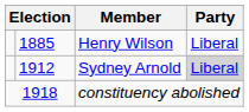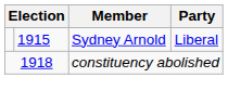 <table class="wikitable">
 <tr>
 <th colspan="2">Election</th>
 <th>Member</th>
 <th>Party</th>
 </tr>
 <tr>
 <td style="color:inherit;background-color: "></td>
-<td><a href='#'>1885</a></td>
-<td><a href='#'>Henry Wilson</a></td>
+<td><a href='#'>1915</a></td>
+<td><a href='#'>Sydney Arnold</a></td>
 <td><a href='#'>Liberal</a></td>
-</tr>
-<tr>
-<td style="color:inherit;background-color: "></td>
-<td><a href='#'>1912</a></td>
-<td><a href='#'>Sydney Arnold</a></td>
-<td style="background: lightgrey;"><a href='#'>Liberal</a></td>
 </tr>
 <tr>
 <td colspan="2" align="center"><a href='#'>1918</a></td>
 <td colspan="2"><em>constituency abolished</em></td>
 </tr>
 </table>
